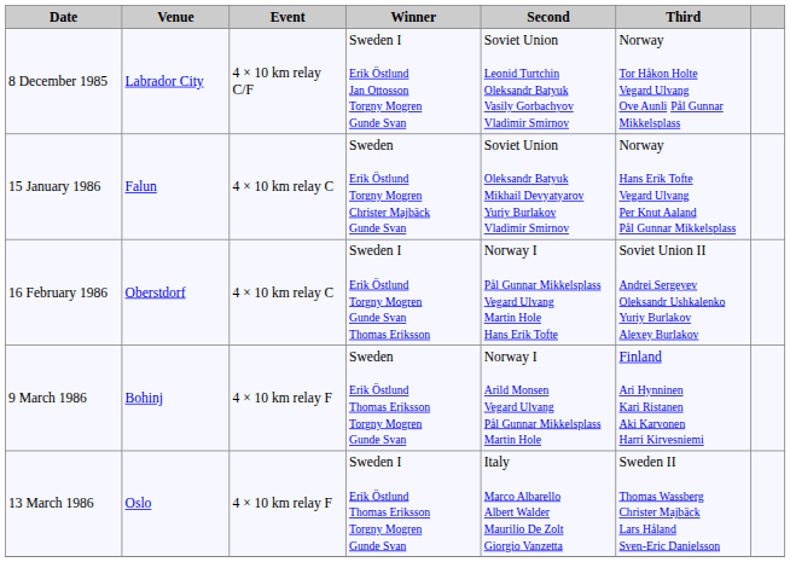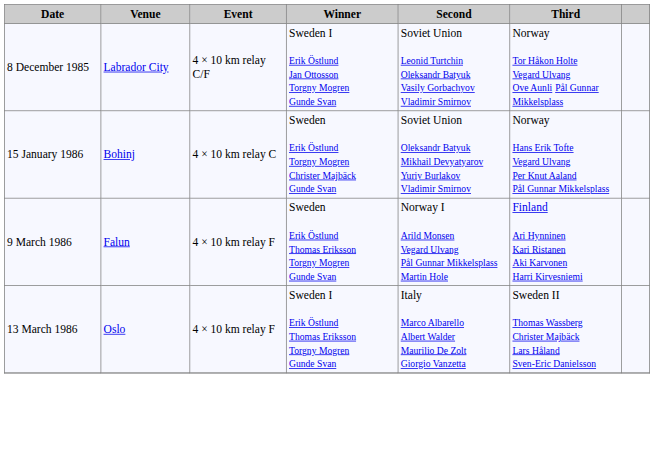 <table bgcolor="#f7f8ff" cellpadding="3" cellspacing="0" border="1" style="font-size: 95%; border: gray solid 1px; border-collapse: collapse;">
 <tr bgcolor="#CCCCCC">
 <td align="center" width="120"><strong>Date</strong></td>
 <td align="center" width="110"><strong>Venue</strong></td>
 <td align="center" width="120"><strong>Event</strong></td>
 <td align="center" width="140"><strong>Winner</strong></td>
 <td align="center" width="140"><strong>Second</strong></td>
 <td align="center" width="140"><strong>Third</strong></td>
 <td align="center" width="30"></td>
 </tr>
 <tr align="left">
 <td>8 December 1985</td>
 <td> <a href='#'>Labrador City</a></td>
 <td>4 × 10 km relay C/F</td>
 <td> Sweden I<br><br><small><a href='#'>Erik Östlund</a></small><br> <small><a href='#'>Jan Ottosson</a></small><br> <small><a href='#'>Torgny Mogren</a></small><br> <small><a href='#'>Gunde Svan</a></small></td>
 <td> Soviet Union<br><br><small><a href='#'>Leonid Turtchin</a></small><br> <small><a href='#'>Oleksandr Batyuk</a></small><br> <small><a href='#'>Vasily Gorbachyov</a></small><br> <small><a href='#'>Vladimir Smirnov</a></small></td>
 <td> Norway <br><br><small><a href='#'>Tor Håkon Holte</a></small><br> <small><a href='#'>Vegard Ulvang</a></small><br> <small><a href='#'>Ove Aunli</a></small> <small><a href='#'>Pål Gunnar Mikkelsplass</a></small><br></td>
 <td></td>
 </tr>
 <tr align="left">
 <td>15 January 1986</td>
-<td> <a href='#'>Falun</a></td>
+<td> <a href='#'>Bohinj</a></td>
 <td>4 × 10 km relay C</td>
 <td> Sweden<br><br><small><a href='#'>Erik Östlund</a></small><br> <small><a href='#'>Torgny Mogren</a></small><br> <small><a href='#'>Christer Majbäck</a></small><br> <small><a href='#'>Gunde Svan</a></small></td>
 <td> Soviet Union<br><br><small><a href='#'>Oleksandr Batyuk</a></small><br> <small><a href='#'>Mikhail Devyatyarov</a></small><br> <small><a href='#'>Yuriy Burlakov</a></small><br> <small><a href='#'>Vladimir Smirnov</a></small></td>
 <td> Norway <br><br><small><a href='#'>Hans Erik Tofte</a></small><br> <small><a href='#'>Vegard Ulvang</a></small><br> <small><a href='#'>Per Knut Aaland</a></small><br> <small><a href='#'>Pål Gunnar Mikkelsplass</a></small><br></td>
 <td></td>
 </tr>
 <tr align="left">
-<td>16 February 1986</td>
-<td> <a href='#'>Oberstdorf</a></td>
-<td>4 × 10 km relay C</td>
-<td> Sweden I<br><br><small><a href='#'>Erik Östlund</a></small><br> <small><a href='#'>Torgny Mogren</a></small><br> <small><a href='#'>Gunde Svan</a></small><br> <small><a href='#'>Thomas Eriksson</a></small><br></td>
-<td> Norway I<br><br><small><a href='#'>Pål Gunnar Mikkelsplass</a></small><br> <small><a href='#'>Vegard Ulvang</a></small><br> <small><a href='#'>Martin Hole</a></small><br> <small><a href='#'>Hans Erik Tofte</a></small><br></td>
-<td> Soviet Union II<br><br><small><a href='#'>Andrei Sergeyev</a></small><br> <small><a href='#'>Oleksandr Ushkalenko</a></small><br> <small><a href='#'>Yuriy Burlakov</a></small><br> <small><a href='#'>Alexey Burlakov</a></small></td>
-<td></td>
-</tr>
-<tr align="left">
 <td>9 March 1986</td>
-<td> <a href='#'>Bohinj</a></td>
+<td> <a href='#'>Falun</a></td>
 <td>4 × 10 km relay F</td>
 <td> Sweden<br><br><small><a href='#'>Erik Östlund</a></small><br> <small><a href='#'>Thomas Eriksson</a></small><br> <small><a href='#'>Torgny Mogren</a></small><br> <small><a href='#'>Gunde Svan</a></small></td>
 <td> Norway I<br><br><small><a href='#'>Arild Monsen</a></small><br> <small><a href='#'>Vegard Ulvang</a></small><br> <small><a href='#'>Pål Gunnar Mikkelsplass</a></small><br> <small><a href='#'>Martin Hole</a></small></td>
 <td> <a href='#'>Finland</a><br><br><small><a href='#'>Ari Hynninen</a></small><br> <small><a href='#'>Kari Ristanen</a></small><br> <small><a href='#'>Aki Karvonen</a></small><br> <small><a href='#'>Harri Kirvesniemi</a></small></td>
 <td></td>
 </tr>
 <tr align="left">
 <td>13 March 1986</td>
 <td> <a href='#'>Oslo</a></td>
 <td>4 × 10 km relay F</td>
 <td> Sweden I<br><br><small><a href='#'>Erik Östlund</a></small><br> <small><a href='#'>Thomas Eriksson</a></small><br> <small><a href='#'>Torgny Mogren</a></small><br> <small><a href='#'>Gunde Svan</a></small></td>
 <td> Italy <br><br><small><a href='#'>Marco Albarello</a></small><br> <small><a href='#'>Albert Walder</a></small><br> <small><a href='#'>Maurilio De Zolt</a></small><br> <small><a href='#'>Giorgio Vanzetta</a></small></td>
 <td> Sweden II<br><br><small><a href='#'>Thomas Wassberg</a></small><br> <small><a href='#'>Christer Majbäck</a></small><br> <small><a href='#'>Lars Håland</a></small><br> <small><a href='#'>Sven-Eric Danielsson</a></small></td>
 <td></td>
 </tr>
 <tr align="left">
 </tr>
 </table>
